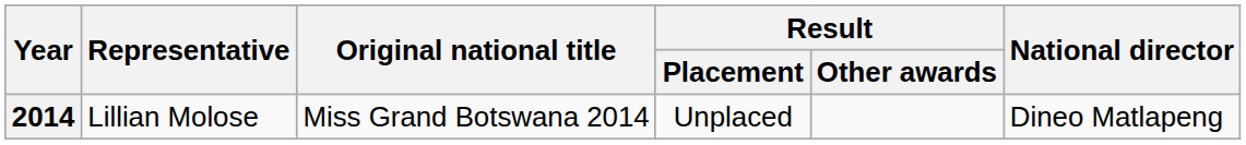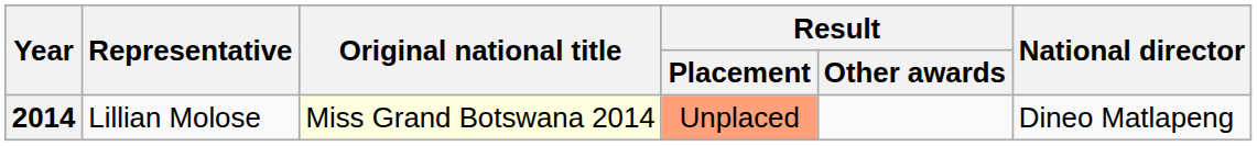 <table class="wikitable" style="font-size:95%;">
 <tr>
 <th rowspan=2>Year</th>
 <th rowspan=2>Representative</th>
 <th rowspan=2>Original national title</th>
 <th colspan=2>Result</th>
 <th rowspan=2>National director</th>
 </tr>
 <tr>
 <th>Placement</th>
 <th>Other awards</th>
 </tr>
 <tr>
 <th>2014</th>
 <td>Lillian Molose</td>
-<td align=center>Miss Grand Botswana 2014</td>
-<td align=center>Unplaced</td>
+<td align=center style="background: lightyellow;">Miss Grand Botswana 2014</td>
+<td align=center style="background: lightsalmon;">Unplaced</td>
 <td></td>
 <td>Dineo Matlapeng</td>
 </tr>
 </table>
